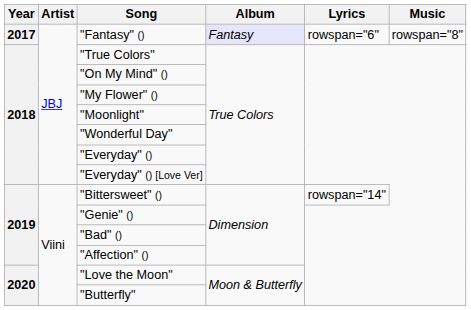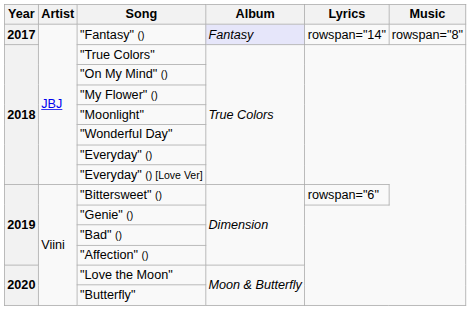 <table class="wikitable sortable plainrowheaders">
 <tr>
 <th>Year</th>
 <th>Artist</th>
 <th>Song</th>
 <th>Album</th>
 <th>Lyrics</th>
 <th>Music</th>
 </tr>
 <tr>
 <th scope="row">2017</th>
 <td rowspan="8"><a href='#'>JBJ</a></td>
 <td>"Fantasy" <small>()</small></td>
 <td style="background: lavender;"><em>Fantasy</em></td>
-<td>rowspan="6" </td>
+<td>rowspan="14" </td>
 <td>rowspan="8" </td>
 </tr>
 <tr>
 <th scope="row" rowspan="7">2018</th>
 <td>"True Colors"</td>
 <td rowspan="7"><em>True Colors</em></td>
 </tr>
 <tr>
 <td>"On My Mind" <small>()</small></td>
 </tr>
 <tr>
 <td>"My Flower" <small>()</small></td>
 </tr>
 <tr>
 <td>"Moonlight"</td>
 </tr>
 <tr>
 <td>"Wonderful Day"</td>
 </tr>
 <tr>
 <td>"Everyday" <small>()</small></td>
 </tr>
 <tr>
 <td>"Everyday" <small>() [Love Ver]</small></td>
 </tr>
 <tr>
 <th scope="row" rowspan="4">2019</th>
 <td rowspan="6">Viini</td>
 <td>"Bittersweet" <small>()</small></td>
 <td rowspan="4"><em>Dimension</em></td>
-<td>rowspan="14" </td>
+<td>rowspan="6" </td>
 </tr>
 <tr>
 <td>"Genie" <small>()</small></td>
 </tr>
 <tr>
 <td>"Bad" <small>()</small></td>
 </tr>
 <tr>
 <td>"Affection" <small>()</small></td>
 </tr>
 <tr>
 <th scope="row" rowspan="2">2020</th>
 <td>"Love the Moon" </td>
 <td rowspan="2"><em>Moon & Butterfly</em></td>
 </tr>
 <tr>
 <td>"Butterfly"</td>
 </tr>
 </table>
